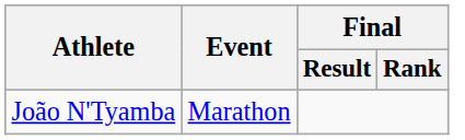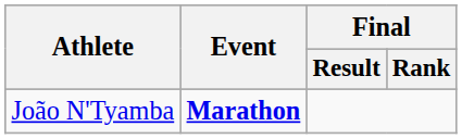 <table class=wikitable style="font-size:90%">
 <tr>
 <th rowspan="2">Athlete</th>
 <th rowspan="2">Event</th>
 <th colspan="2">Final</th>
 </tr>
 <tr style="font-size:95%">
 <th>Result</th>
 <th>Rank</th>
 </tr>
 <tr align=center>
 <td align=left><a href='#'>João N'Tyamba</a></td>
-<td align=left><a href='#'>Marathon</a></td>
+<td align=left><strong><a href='#'>Marathon</a></strong></td>
 <td colspan=2></td>
 </tr>
 </table>
